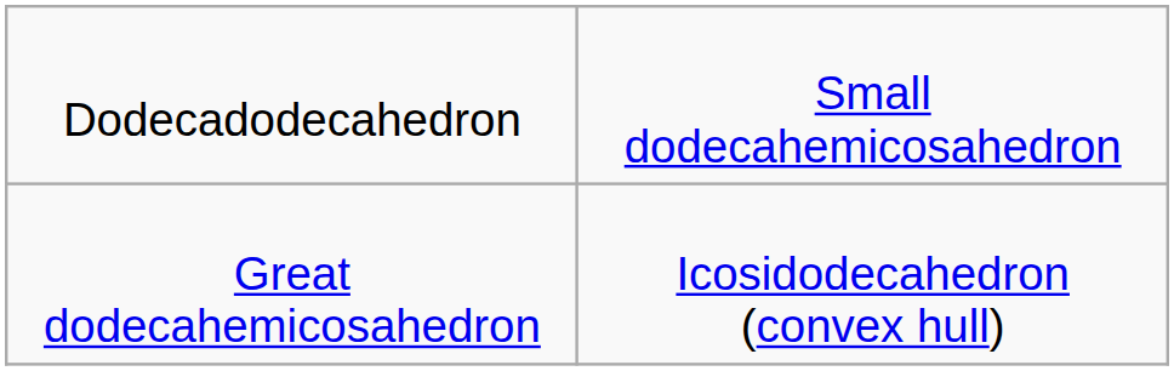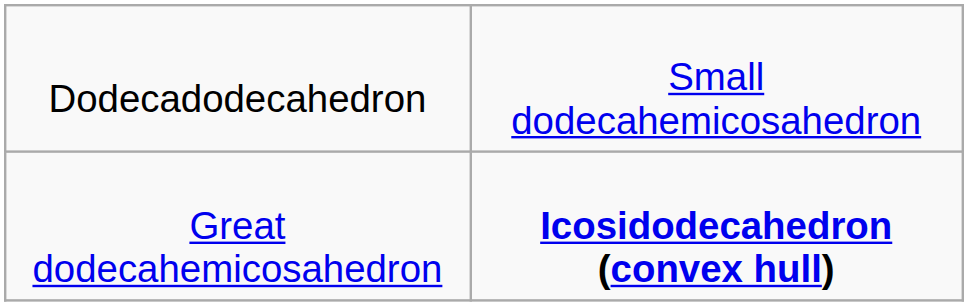 <table class="wikitable" width="400" style="vertical-align:top;text-align:center">
 <tr>
 <td align=center><br>Dodecadodecahedron</td>
 <td align=center><br><a href='#'>Small dodecahemicosahedron</a></td>
 </tr>
 <tr>
 <td align=center><br><a href='#'>Great dodecahemicosahedron</a></td>
-<td align=center><br><a href='#'>Icosidodecahedron</a> (<a href='#'>convex hull</a>)</td>
+<td align=center><strong><br><a href='#'>Icosidodecahedron</a> (<a href='#'>convex hull</a>)</strong></td>
 </tr>
 </table>
